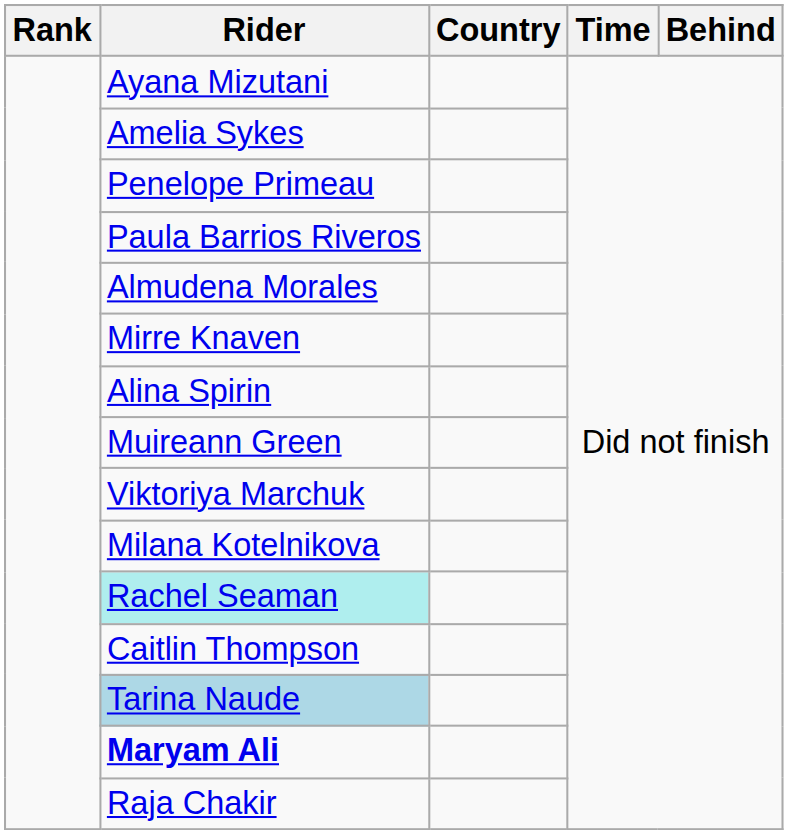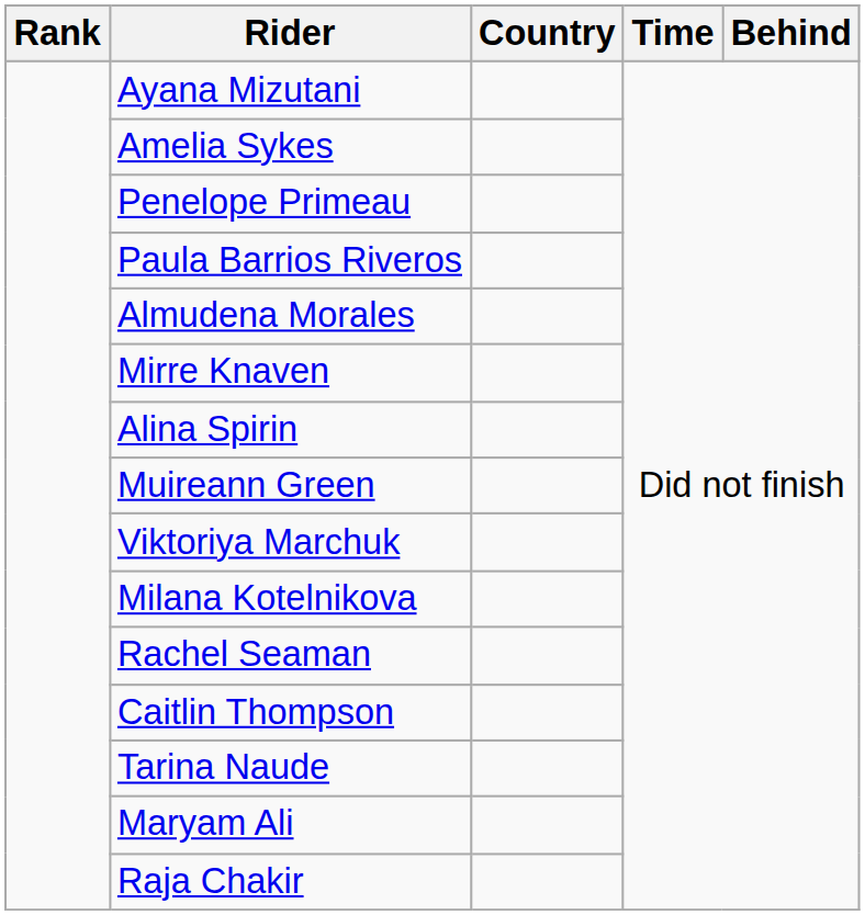 <table class="wikitable sortable" style="text-align: center"">
 <tr>
 <th>Rank</th>
 <th>Rider</th>
 <th>Country</th>
 <th>Time</th>
 <th>Behind</th>
 </tr>
 <tr>
 <td rowspan=15></td>
 <td align="left"><a href='#'>Ayana Mizutani</a></td>
 <td align="left"></td>
 <td rowspan=15 colspan=2>Did not finish</td>
 </tr>
 <tr>
 <td align="left"><a href='#'>Amelia Sykes</a></td>
 <td align="left"></td>
 </tr>
 <tr>
 <td align="left"><a href='#'>Penelope Primeau</a></td>
 <td align="left"></td>
 </tr>
 <tr>
 <td align="left"><a href='#'>Paula Barrios Riveros</a></td>
 <td align="left"></td>
 </tr>
 <tr>
 <td align="left"><a href='#'>Almudena Morales</a></td>
 <td align="left"></td>
 </tr>
 <tr>
 <td align="left"><a href='#'>Mirre Knaven</a></td>
 <td align="left"></td>
 </tr>
 <tr>
 <td align="left"><a href='#'>Alina Spirin</a></td>
 <td align="left"></td>
 </tr>
 <tr>
 <td align="left"><a href='#'>Muireann Green</a></td>
 <td align="left"></td>
 </tr>
 <tr>
 <td align="left"><a href='#'>Viktoriya Marchuk</a></td>
 <td align="left"></td>
 </tr>
 <tr>
 <td align="left"><a href='#'>Milana Kotelnikova</a></td>
 <td align="left"></td>
 </tr>
 <tr>
-<td align="left" style="background: paleturquoise;"><a href='#'>Rachel Seaman</a></td>
+<td align="left"><a href='#'>Rachel Seaman</a></td>
 <td align="left"></td>
 </tr>
 <tr>
 <td align="left"><a href='#'>Caitlin Thompson</a></td>
 <td align="left"></td>
 </tr>
 <tr>
-<td align="left" style="background: lightblue;"><a href='#'>Tarina Naude</a></td>
+<td align="left"><a href='#'>Tarina Naude</a></td>
 <td align="left"></td>
 </tr>
 <tr>
-<td align="left"><strong><a href='#'>Maryam Ali</a></strong></td>
+<td align="left"><a href='#'>Maryam Ali</a></td>
 <td align="left"></td>
 </tr>
 <tr>
 <td align="left"><a href='#'>Raja Chakir</a></td>
 <td align="left"></td>
 </tr>
 </table>
